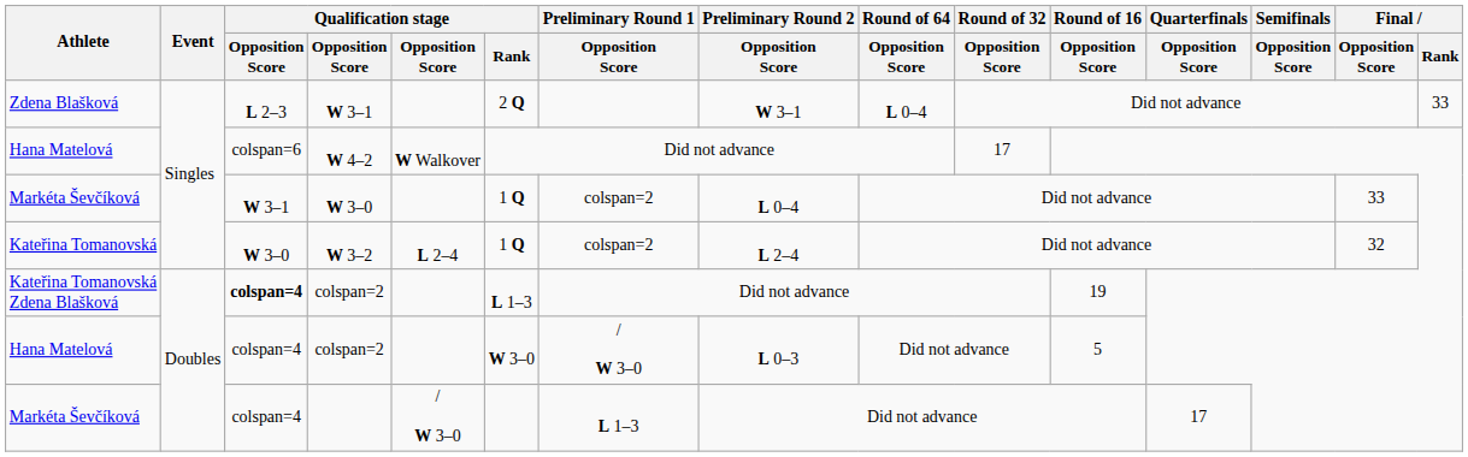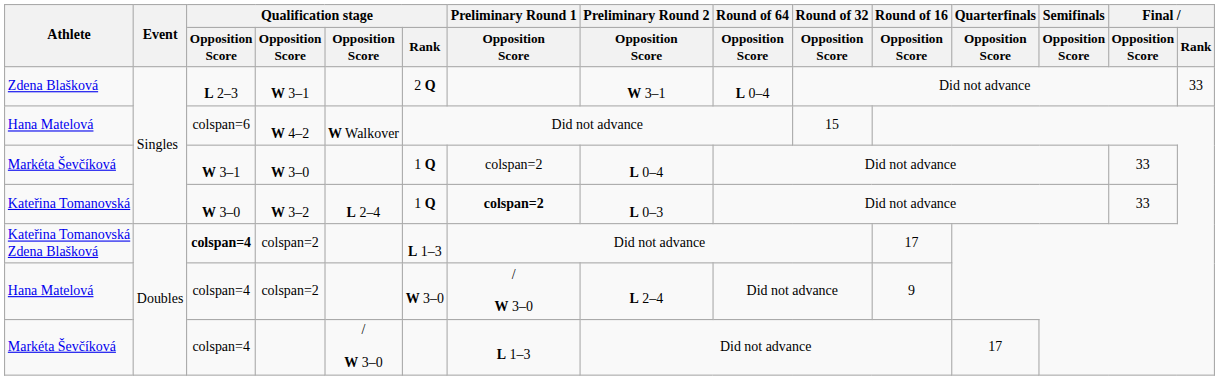 <table class=wikitable style=font-size:80%;text-align:center>
 <tr>
 <th rowspan=2>Athlete</th>
 <th rowspan=2>Event</th>
 <th colspan=4>Qualification stage</th>
 <th>Preliminary Round 1</th>
 <th>Preliminary Round 2</th>
 <th>Round of 64</th>
 <th>Round of 32</th>
 <th>Round of 16</th>
 <th>Quarterfinals</th>
 <th>Semifinals</th>
 <th colspan=2>Final / </th>
 </tr>
 <tr style=font-size:95%>
 <th>Opposition<br>Score</th>
 <th>Opposition<br>Score</th>
 <th>Opposition<br>Score</th>
 <th>Rank</th>
 <th>Opposition<br>Score</th>
 <th>Opposition<br>Score</th>
 <th>Opposition<br>Score</th>
 <th>Opposition<br>Score</th>
 <th>Opposition<br>Score</th>
 <th>Opposition<br>Score</th>
 <th>Opposition<br>Score</th>
 <th>Opposition<br>Score</th>
 <th>Rank</th>
 </tr>
 <tr align=center>
 <td align=left><a href='#'>Zdena Blašková</a></td>
 <td align=left rowspan=4>Singles</td>
 <td><br><strong>L</strong> 2–3</td>
 <td><br><strong>W</strong> 3–1</td>
 <td></td>
 <td>2 <strong>Q</strong></td>
 <td></td>
 <td><br><strong>W</strong> 3–1</td>
 <td><br><strong>L</strong> 0–4</td>
 <td colspan=5>Did not advance</td>
 <td>33</td>
 </tr>
 <tr align=center>
 <td align=left><a href='#'>Hana Matelová</a></td>
 <td>colspan=6</td>
 <td><br><strong>W</strong> 4–2</td>
 <td><br><strong>W</strong> Walkover</td>
 <td colspan=4>Did not advance</td>
-<td>17</td>
+<td>15</td>
 </tr>
 <tr align=center>
 <td align=left><a href='#'>Markéta Ševčíková</a></td>
 <td><br><strong>W</strong> 3–1</td>
 <td><br><strong>W</strong> 3–0</td>
 <td></td>
 <td>1 <strong>Q</strong></td>
 <td>colspan=2</td>
 <td><br><strong>L</strong> 0–4</td>
 <td colspan=5>Did not advance</td>
 <td>33</td>
 </tr>
 <tr align=center>
 <td align=left><a href='#'>Kateřina Tomanovská</a></td>
 <td><br><strong>W</strong> 3–0</td>
 <td><br><strong>W</strong> 3–2</td>
 <td><br><strong>L</strong> 2–4</td>
 <td>1 <strong>Q</strong></td>
-<td>colspan=2</td>
-<td><br><strong>L</strong> 2–4</td>
+<td><strong>colspan=2</strong></td>
+<td><br><strong>L</strong> 0–3</td>
 <td colspan=5>Did not advance</td>
-<td>32</td>
+<td>33</td>
 </tr>
 <tr align=center>
 <td align=left><a href='#'>Kateřina Tomanovská</a><br><a href='#'>Zdena Blašková</a></td>
 <td rowspan=3>Doubles</td>
 <td><strong>colspan=4</strong></td>
 <td>colspan=2</td>
 <td></td>
 <td><br><strong>L</strong> 1–3</td>
 <td colspan=4>Did not advance</td>
-<td>19</td>
+<td>17</td>
 </tr>
 <tr align=center>
 <td align=left><a href='#'>Hana Matelová</a><br></td>
 <td>colspan=4</td>
 <td>colspan=2</td>
 <td></td>
 <td><br><strong>W</strong> 3–0</td>
 <td> /<br><br><strong>W</strong> 3–0</td>
-<td><br><strong>L</strong> 0–3</td>
+<td><br><strong>L</strong> 2–4</td>
 <td colspan=2>Did not advance</td>
-<td>5</td>
+<td>9</td>
 </tr>
 <tr align=center>
 <td align=left><a href='#'>Markéta Ševčíková</a><br></td>
 <td>colspan=4</td>
 <td></td>
 <td> /<br><br><strong>W</strong> 3–0</td>
 <td></td>
 <td><br><strong>L</strong> 1–3</td>
 <td colspan=4>Did not advance</td>
 <td>17</td>
 </tr>
 </table>
